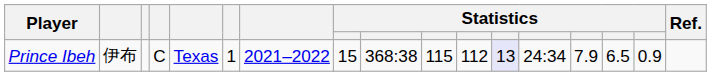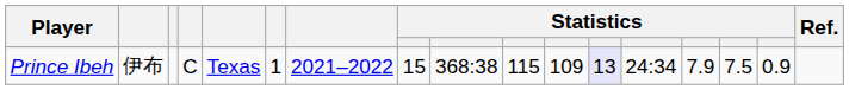 <table class="wikitable sortable" style="font-size:95%; text-align:right;">
 <tr>
 <th rowspan="2">Player</th>
 <th rowspan="2"></th>
 <th rowspan="2"></th>
 <th rowspan="2"></th>
 <th rowspan="2"></th>
 <th rowspan="2"></th>
 <th rowspan="2"></th>
 <th colspan="9">Statistics</th>
 <th rowspan="2">Ref.</th>
 </tr>
 <tr>
 <th></th>
 <th></th>
 <th></th>
 <th></th>
 <th></th>
 <th></th>
 <th></th>
 <th></th>
 <th></th>
 </tr>
 <tr>
 <td align="left"><em><a href='#'>Prince Ibeh</a></em></td>
 <td align="left">伊布</td>
 <td align="center"></td>
 <td align="center">C</td>
 <td align="left"><a href='#'>Texas</a></td>
 <td align="center">1</td>
 <td align="center"><a href='#'>2021–2022</a></td>
 <td>15</td>
 <td>368:38</td>
 <td>115</td>
-<td>112</td>
+<td>109</td>
 <td style="background: lavender;">13</td>
 <td>24:34</td>
 <td>7.9</td>
-<td>6.5</td>
+<td>7.5</td>
 <td>0.9</td>
 <td align="center"></td>
 </tr>
 </table>
